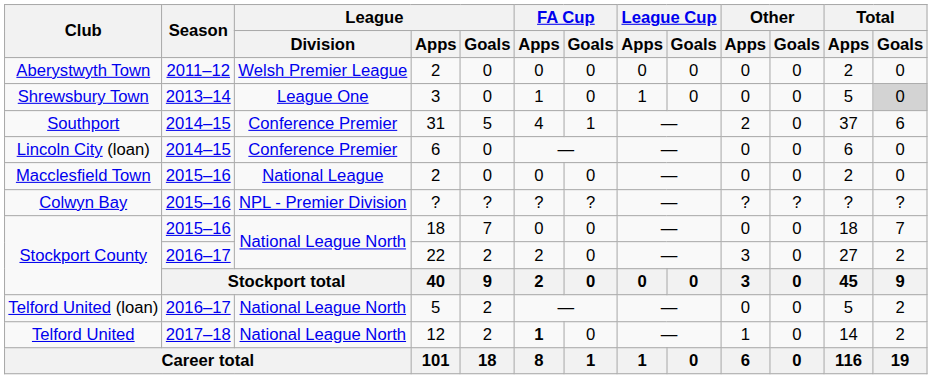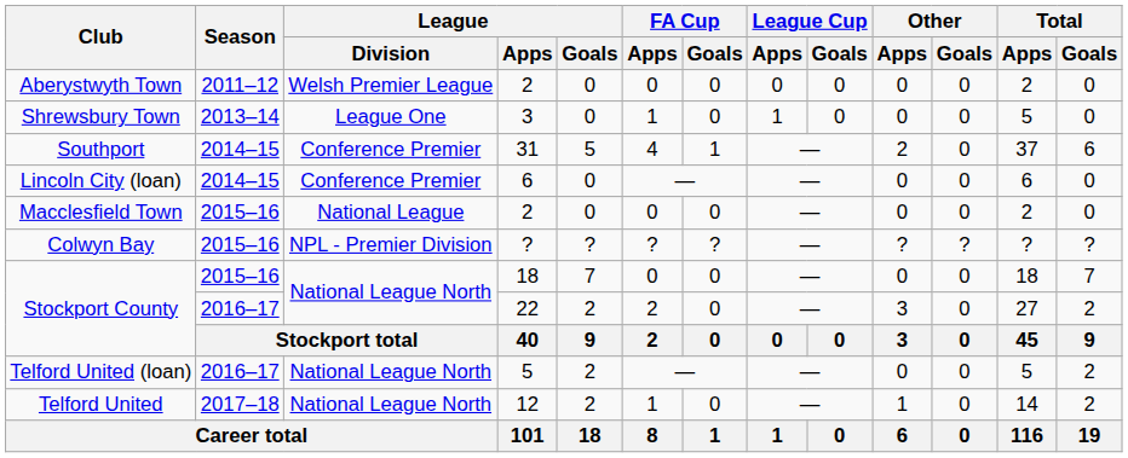 <table class="wikitable" style="text-align: center">
 <tr>
 <th rowspan="2">Club</th>
 <th rowspan="2">Season</th>
 <th colspan="3">League</th>
 <th colspan="2"><a href='#'>FA Cup</a></th>
 <th colspan="2"><a href='#'>League Cup</a></th>
 <th colspan="2">Other</th>
 <th colspan="2">Total</th>
 </tr>
 <tr>
 <th>Division</th>
 <th>Apps</th>
 <th>Goals</th>
 <th>Apps</th>
 <th>Goals</th>
 <th>Apps</th>
 <th>Goals</th>
 <th>Apps</th>
 <th>Goals</th>
 <th>Apps</th>
 <th>Goals</th>
 </tr>
 <tr>
 <td><a href='#'>Aberystwyth Town</a></td>
 <td><a href='#'>2011–12</a></td>
 <td><a href='#'>Welsh Premier League</a></td>
 <td>2</td>
 <td>0</td>
 <td>0</td>
 <td>0</td>
 <td>0</td>
 <td>0</td>
 <td>0</td>
 <td>0</td>
 <td>2</td>
 <td>0</td>
 </tr>
 <tr>
 <td><a href='#'>Shrewsbury Town</a></td>
 <td><a href='#'>2013–14</a></td>
 <td><a href='#'>League One</a></td>
 <td>3</td>
 <td>0</td>
 <td>1</td>
 <td>0</td>
 <td>1</td>
 <td>0</td>
 <td>0</td>
 <td>0</td>
 <td>5</td>
-<td style="background: lightgrey;">0</td>
+<td>0</td>
 </tr>
 <tr>
 <td><a href='#'>Southport</a></td>
 <td><a href='#'>2014–15</a></td>
 <td><a href='#'>Conference Premier</a></td>
 <td>31</td>
 <td>5</td>
 <td>4</td>
 <td>1</td>
 <td colspan="2">—</td>
 <td>2</td>
 <td>0</td>
 <td>37</td>
 <td>6</td>
 </tr>
 <tr>
 <td><a href='#'>Lincoln City</a> (loan)</td>
 <td><a href='#'>2014–15</a></td>
 <td><a href='#'>Conference Premier</a></td>
 <td>6</td>
 <td>0</td>
 <td colspan="2">—</td>
 <td colspan="2">—</td>
 <td>0</td>
 <td>0</td>
 <td>6</td>
 <td>0</td>
 </tr>
 <tr>
 <td><a href='#'>Macclesfield Town</a></td>
 <td><a href='#'>2015–16</a></td>
 <td><a href='#'>National League</a></td>
 <td>2</td>
 <td>0</td>
 <td>0</td>
 <td>0</td>
 <td colspan="2">—</td>
 <td>0</td>
 <td>0</td>
 <td>2</td>
 <td>0</td>
 </tr>
 <tr>
 <td><a href='#'>Colwyn Bay</a></td>
 <td><a href='#'>2015–16</a></td>
 <td><a href='#'>NPL - Premier Division</a></td>
 <td>?</td>
 <td>?</td>
 <td>?</td>
 <td>?</td>
 <td colspan="2">—</td>
 <td>?</td>
 <td>?</td>
 <td>?</td>
 <td>?</td>
 </tr>
 <tr>
 <td rowspan="3"><a href='#'>Stockport County</a></td>
 <td><a href='#'>2015–16</a></td>
 <td rowspan="2"><a href='#'>National League North</a></td>
 <td>18</td>
 <td>7</td>
 <td>0</td>
 <td>0</td>
 <td colspan="2">—</td>
 <td>0</td>
 <td>0</td>
 <td>18</td>
 <td>7</td>
 </tr>
 <tr>
 <td><a href='#'>2016–17</a></td>
 <td>22</td>
 <td>2</td>
 <td>2</td>
 <td>0</td>
 <td colspan="2">—</td>
 <td>3</td>
 <td>0</td>
 <td>27</td>
 <td>2</td>
 </tr>
 <tr>
 <th colspan="2">Stockport total</th>
 <th>40</th>
 <th>9</th>
 <th>2</th>
 <th>0</th>
 <th>0</th>
 <th>0</th>
 <th>3</th>
 <th>0</th>
 <th>45</th>
 <th>9</th>
 </tr>
 <tr>
 <td><a href='#'>Telford United</a> (loan)</td>
 <td><a href='#'>2016–17</a></td>
 <td><a href='#'>National League North</a></td>
 <td>5</td>
 <td>2</td>
 <td colspan="2">—</td>
 <td colspan="2">—</td>
 <td>0</td>
 <td>0</td>
 <td>5</td>
 <td>2</td>
 </tr>
 <tr>
 <td><a href='#'>Telford United</a></td>
 <td><a href='#'>2017–18</a></td>
 <td><a href='#'>National League North</a></td>
 <td>12</td>
 <td>2</td>
-<td><strong>1</strong></td>
+<td>1</td>
 <td>0</td>
 <td colspan="2">—</td>
 <td>1</td>
 <td>0</td>
 <td>14</td>
 <td>2</td>
 </tr>
 <tr>
 <th colspan="3">Career total</th>
 <th>101</th>
 <th>18</th>
 <th>8</th>
 <th>1</th>
 <th>1</th>
 <th>0</th>
 <th>6</th>
 <th>0</th>
 <th>116</th>
 <th>19</th>
 </tr>
 </table>
